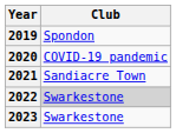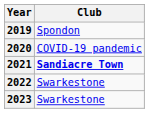 <table class="wikitable" style="font-size:90%">
 <tr>
 <th>Year</th>
 <th>Club</th>
 </tr>
 <tr>
 <th scope="row">2019</th>
 <td><a href='#'>Spondon</a></td>
 </tr>
 <tr>
 <th scope="row">2020</th>
 <td><a href='#'>COVID-19 pandemic</a></td>
 </tr>
 <tr>
 <th scope="row">2021</th>
-<td><a href='#'>Sandiacre Town</a></td>
+<td><strong><a href='#'>Sandiacre Town</a></strong></td>
 </tr>
 <tr>
 <th scope="row">2022</th>
-<td style="background: lightgrey;"><a href='#'>Swarkestone</a></td>
+<td><a href='#'>Swarkestone</a></td>
 </tr>
 <tr>
 <th scope="row">2023</th>
 <td><a href='#'>Swarkestone</a></td>
 </tr>
 </table>
